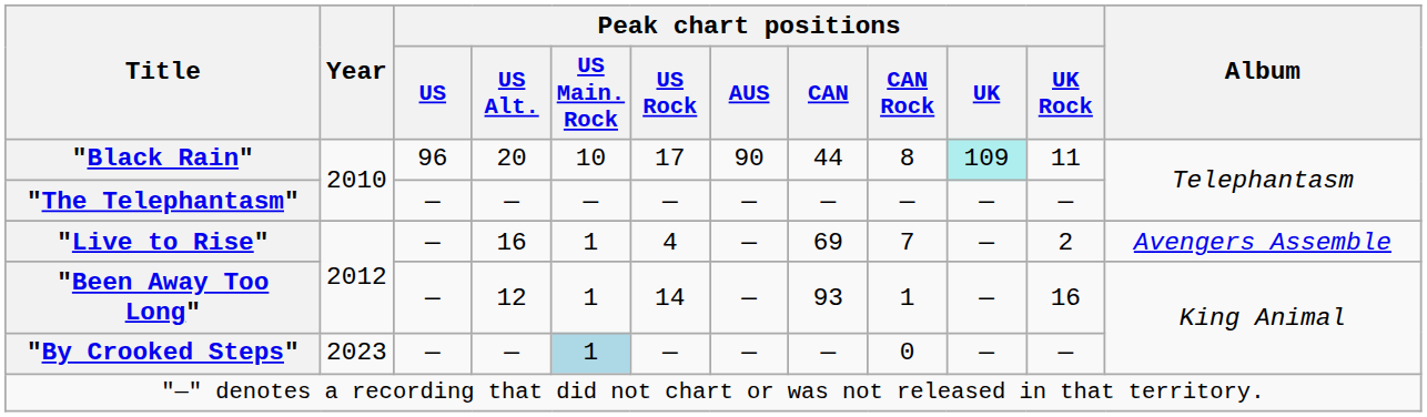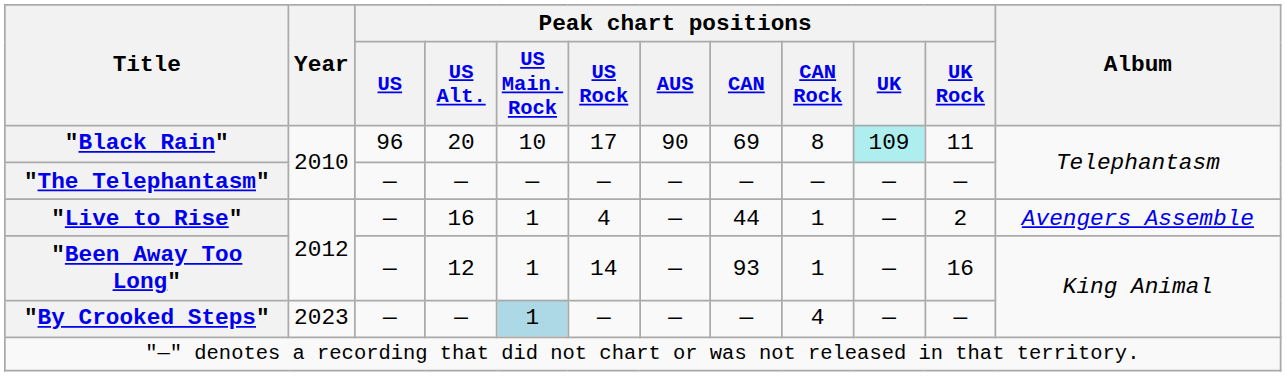 <table class="wikitable plainrowheaders" style="text-align:center;">
 <tr>
 <th scope="col" rowspan="2" style="width:12em;">Title</th>
 <th scope="col" rowspan="2">Year</th>
 <th scope="col" colspan="9">Peak chart positions</th>
 <th scope="col" rowspan="2" style="width:12em;">Album</th>
 </tr>
 <tr>
 <th scope="col" style="width:3em;font-size:90%;"><a href='#'>US</a><br></th>
 <th scope="col" style="width:3em;font-size:90%;"><a href='#'>US<br>Alt.</a><br></th>
 <th scope="col" style="width:3em;font-size:90%;"><a href='#'>US<br>Main. Rock</a><br></th>
 <th scope="col" style="width:3em;font-size:90%;"><a href='#'>US<br>Rock</a><br></th>
 <th scope="col" style="width:3em;font-size:90%;"><a href='#'>AUS</a><br></th>
 <th scope="col" style="width:3em;font-size:90%;"><a href='#'>CAN</a><br></th>
 <th scope="col" style="width:3em;font-size:90%;"><a href='#'>CAN<br>Rock</a><br></th>
 <th scope="col" style="width:3em;font-size:90%;"><a href='#'>UK</a><br></th>
 <th scope="col" style="width:3em;font-size:90%;"><a href='#'>UK<br>Rock</a><br></th>
 </tr>
 <tr>
 <th scope="row">"<a href='#'>Black Rain</a>"</th>
 <td rowspan="2">2010</td>
 <td>96</td>
 <td>20</td>
 <td>10</td>
 <td>17</td>
 <td>90</td>
-<td>44</td>
+<td>69</td>
 <td>8</td>
 <td style="background: paleturquoise;">109</td>
 <td>11</td>
 <td rowspan="2"><em>Telephantasm</em></td>
 </tr>
 <tr>
 <th scope="row">"<a href='#'>The Telephantasm</a>"</th>
 <td>—</td>
 <td>—</td>
 <td>—</td>
 <td>—</td>
 <td>—</td>
 <td>—</td>
 <td>—</td>
 <td>—</td>
 <td>—</td>
 </tr>
 <tr>
 <th scope="row">"<a href='#'>Live to Rise</a>"</th>
 <td rowspan="2">2012</td>
 <td>—</td>
 <td>16</td>
 <td>1</td>
 <td>4</td>
 <td>—</td>
-<td>69</td>
-<td>7</td>
+<td>44</td>
+<td>1</td>
 <td>—</td>
 <td>2</td>
 <td><em><a href='#'>Avengers Assemble</a></em></td>
 </tr>
 <tr>
 <th scope="row">"<a href='#'>Been Away Too Long</a>"</th>
 <td>—</td>
 <td>12</td>
 <td>1</td>
 <td>14</td>
 <td>—</td>
 <td>93</td>
 <td>1</td>
 <td>—</td>
 <td>16</td>
 <td rowspan="2"><em>King Animal</em></td>
 </tr>
 <tr>
 <th scope="row">"<a href='#'>By Crooked Steps</a>"</th>
 <td>2023</td>
 <td>—</td>
 <td>—</td>
 <td style="background: lightblue;">1</td>
 <td>—</td>
 <td>—</td>
 <td>—</td>
-<td>0</td>
+<td>4</td>
 <td>—</td>
 <td>—</td>
 </tr>
 <tr>
 <td colspan="16" style="font-size:90%">"—" denotes a recording that did not chart or was not released in that territory.</td>
 </tr>
 </table>
